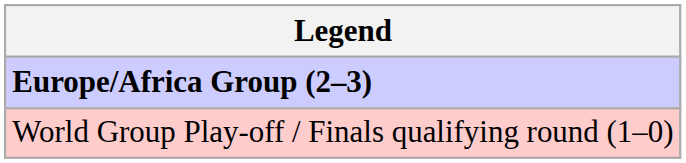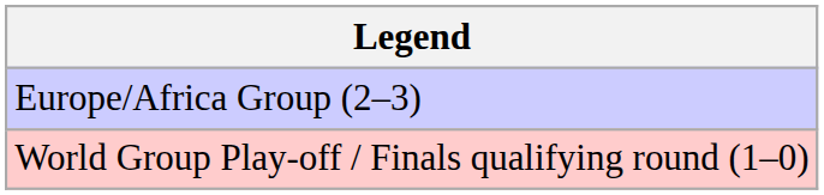 <table class=wikitable style=font-size:90%>
 <tr>
 <th>Legend</th>
 </tr>
 <tr>
-<td bgcolor=CCCCFF><strong>Europe/Africa Group (2–3)</strong></td>
+<td bgcolor=CCCCFF>Europe/Africa Group (2–3)</td>
 </tr>
 <tr bgcolor=ffcccc>
 <td>World Group Play-off / Finals qualifying round (1–0)</td>
 </tr>
 </table>
